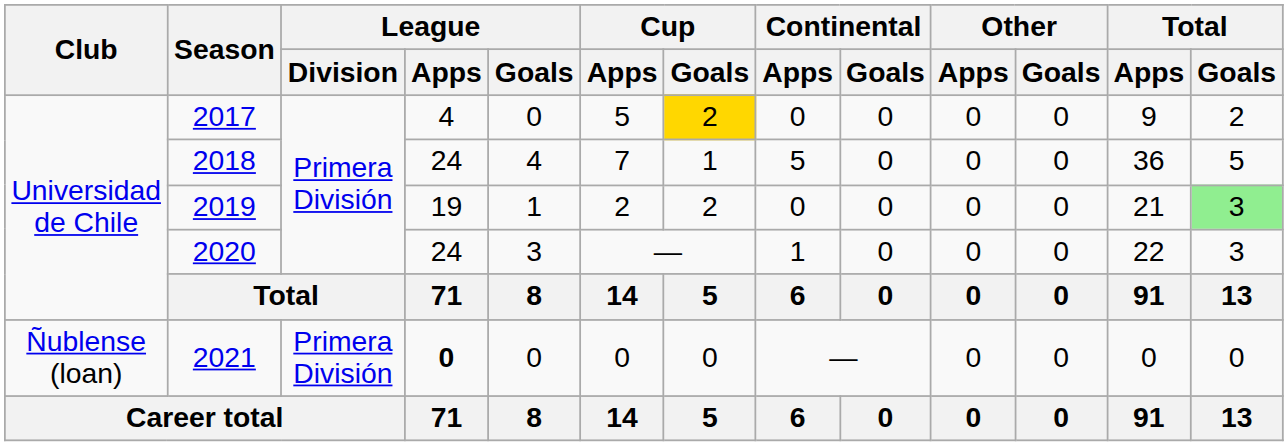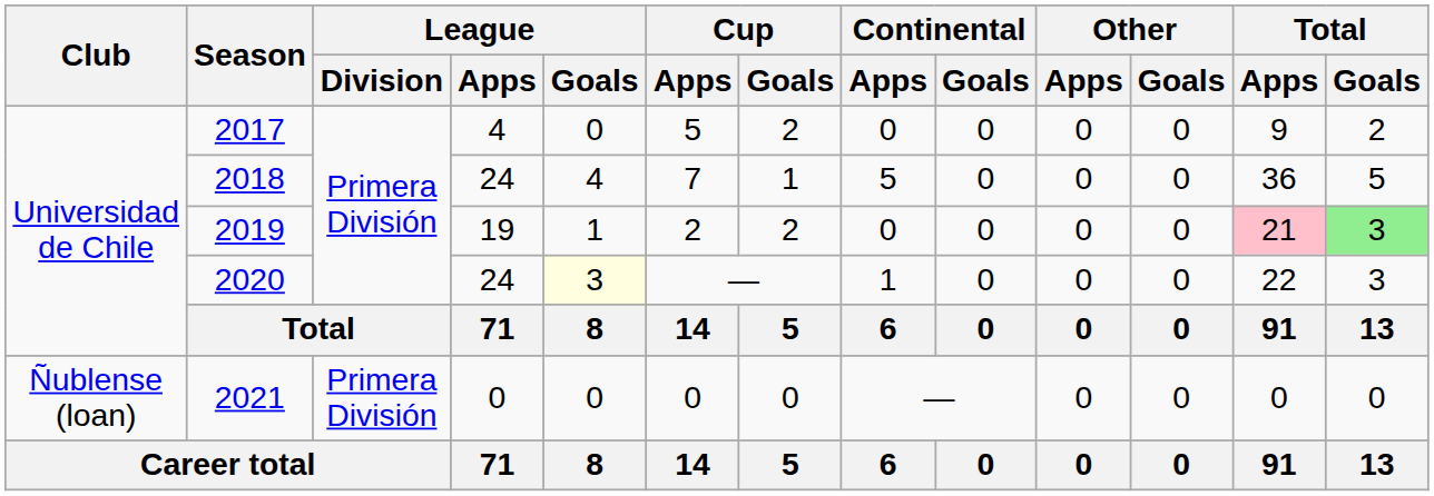 <table class="wikitable" style="text-align: center;">
 <tr>
 <th rowspan="2">Club</th>
 <th rowspan="2">Season</th>
 <th colspan="3">League</th>
 <th colspan="2">Cup</th>
 <th colspan="2">Continental</th>
 <th colspan="2">Other</th>
 <th colspan="2">Total</th>
 </tr>
 <tr>
 <th>Division</th>
 <th>Apps</th>
 <th>Goals</th>
 <th>Apps</th>
 <th>Goals</th>
 <th>Apps</th>
 <th>Goals</th>
 <th>Apps</th>
 <th>Goals</th>
 <th>Apps</th>
 <th>Goals</th>
 </tr>
 <tr>
 <td rowspan="5"><a href='#'>Universidad<br>de Chile</a></td>
 <td><a href='#'>2017</a></td>
 <td rowspan="4"><a href='#'>Primera<br>División</a></td>
 <td>4</td>
 <td>0</td>
 <td>5</td>
-<td style="background: gold;">2</td>
+<td>2</td>
 <td>0</td>
 <td>0</td>
 <td>0</td>
 <td>0</td>
 <td>9</td>
 <td>2</td>
 </tr>
 <tr>
 <td><a href='#'>2018</a></td>
 <td>24</td>
 <td>4</td>
 <td>7</td>
 <td>1</td>
 <td>5</td>
 <td>0</td>
 <td>0</td>
 <td>0</td>
 <td>36</td>
 <td>5</td>
 </tr>
 <tr>
 <td><a href='#'>2019</a></td>
 <td>19</td>
 <td>1</td>
 <td>2</td>
 <td>2</td>
 <td>0</td>
 <td>0</td>
 <td>0</td>
 <td>0</td>
-<td>21</td>
+<td style="background: pink;">21</td>
 <td style="background: lightgreen;">3</td>
 </tr>
 <tr>
 <td><a href='#'>2020</a></td>
 <td>24</td>
-<td>3</td>
+<td style="background: lightyellow;">3</td>
 <td colspan="2">—</td>
 <td>1</td>
 <td>0</td>
 <td>0</td>
 <td>0</td>
 <td>22</td>
 <td>3</td>
 </tr>
 <tr>
 <th colspan="2">Total</th>
 <th>71</th>
 <th>8</th>
 <th>14</th>
 <th>5</th>
 <th>6</th>
 <th>0</th>
 <th>0</th>
 <th>0</th>
 <th>91</th>
 <th>13</th>
 </tr>
 <tr>
 <td><a href='#'>Ñublense</a><br>(loan)</td>
 <td><a href='#'>2021</a></td>
 <td><a href='#'>Primera<br>División</a></td>
-<td><strong>0</strong></td>
+<td>0</td>
 <td>0</td>
 <td>0</td>
 <td>0</td>
 <td colspan="2">—</td>
 <td>0</td>
 <td>0</td>
 <td>0</td>
 <td>0</td>
 </tr>
 <tr>
 <th colspan="3">Career total</th>
 <th>71</th>
 <th>8</th>
 <th>14</th>
 <th>5</th>
 <th>6</th>
 <th>0</th>
 <th>0</th>
 <th>0</th>
 <th>91</th>
 <th>13</th>
 </tr>
 </table>
